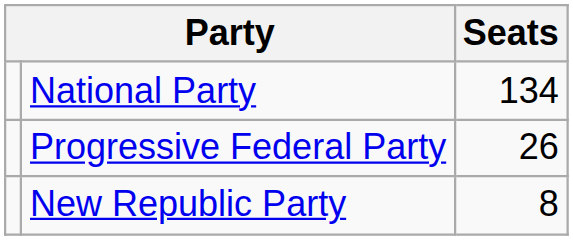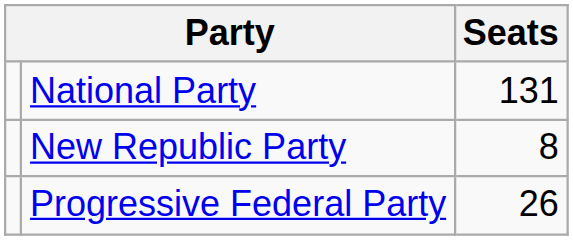 <table class="wikitable" style="text-align:right">
 <tr>
 <th colspan="2">Party</th>
 <th>Seats</th>
 </tr>
 <tr>
 <td></td>
 <td align="left"><a href='#'>National Party</a></td>
-<td>134</td>
+<td>131</td>
+</tr>
+<tr>
+<td></td>
+<td align="left"><a href='#'>New Republic Party</a></td>
+<td>8</td>
 </tr>
 <tr>
 <td></td>
 <td align="left"><a href='#'>Progressive Federal Party</a></td>
 <td>26</td>
 </tr>
-<tr>
-<td></td>
-<td align="left"><a href='#'>New Republic Party</a></td>
-<td>8</td>
-</tr>
 </table>
